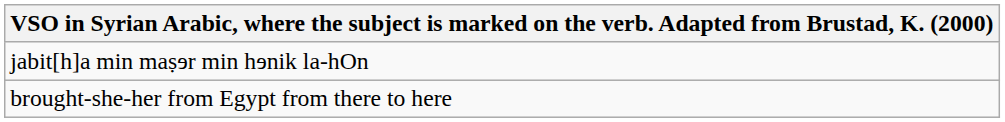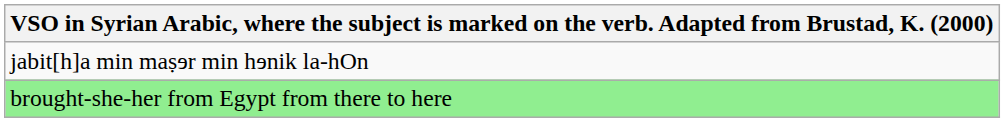 <table class="wikitable">
 <tr>
 <th>VSO in Syrian Arabic, where the subject is marked on the verb. Adapted from Brustad, K. (2000)</th>
 </tr>
 <tr>
 <td>jabit[h]a              min maṣɘr min hɘnik la-hOn</td>
 </tr>
 <tr>
-<td>brought-she-her from Egypt from there to here</td>
+<td style="background: lightgreen;">brought-she-her from Egypt from there to here</td>
 </tr>
 </table>
